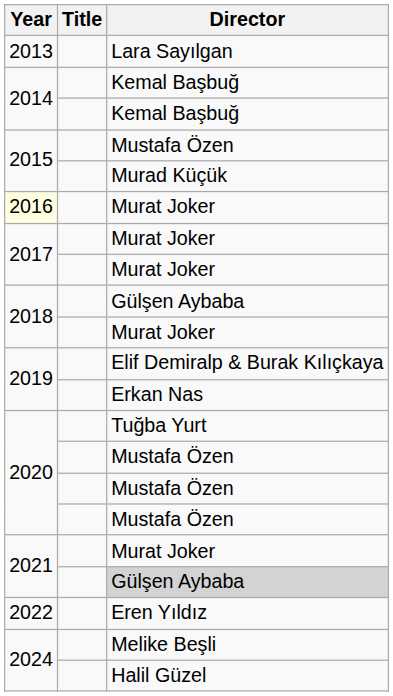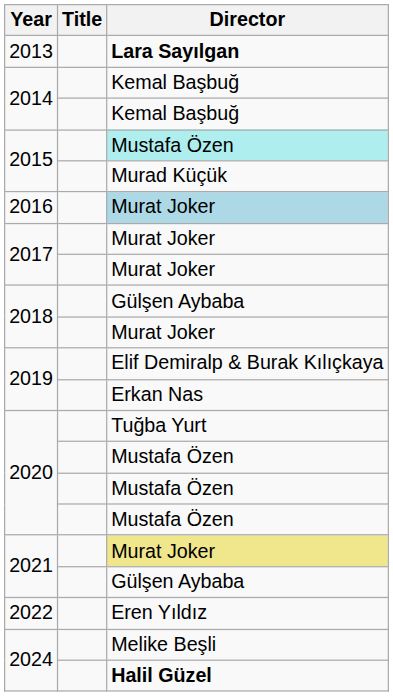 <table class="wikitable">
 <tr>
 <th>Year</th>
 <th>Title</th>
 <th>Director</th>
 </tr>
 <tr>
 <td>2013</td>
 <td></td>
-<td>Lara Sayılgan</td>
+<td><strong>Lara Sayılgan</strong></td>
 </tr>
 <tr>
 <td rowspan="2">2014</td>
 <td></td>
 <td>Kemal Başbuğ</td>
 </tr>
 <tr>
 <td></td>
 <td>Kemal Başbuğ</td>
 </tr>
 <tr>
 <td rowspan="2">2015</td>
 <td></td>
-<td>Mustafa Özen</td>
+<td style="background: paleturquoise;">Mustafa Özen</td>
 </tr>
 <tr>
 <td></td>
 <td>Murad Küçük</td>
 </tr>
 <tr>
-<td style="background: lightyellow;">2016</td>
+<td>2016</td>
 <td></td>
-<td>Murat Joker</td>
+<td style="background: lightblue;">Murat Joker</td>
 </tr>
 <tr>
 <td rowspan="2">2017</td>
 <td></td>
 <td>Murat Joker</td>
 </tr>
 <tr>
 <td></td>
 <td>Murat Joker</td>
 </tr>
 <tr>
 <td rowspan="2">2018</td>
 <td></td>
 <td>Gülşen Aybaba</td>
 </tr>
 <tr>
 <td></td>
 <td>Murat Joker</td>
 </tr>
 <tr>
 <td rowspan="2">2019</td>
 <td></td>
 <td>Elif Demiralp & Burak Kılıçkaya</td>
 </tr>
 <tr>
 <td></td>
 <td>Erkan Nas</td>
 </tr>
 <tr>
 <td rowspan="4">2020</td>
 <td></td>
 <td>Tuğba Yurt</td>
 </tr>
 <tr>
 <td></td>
 <td>Mustafa Özen</td>
 </tr>
 <tr>
 <td></td>
 <td>Mustafa Özen</td>
 </tr>
 <tr>
 <td></td>
 <td>Mustafa Özen</td>
 </tr>
 <tr>
 <td rowspan="2">2021</td>
 <td></td>
-<td>Murat Joker</td>
+<td style="background: khaki;">Murat Joker</td>
 </tr>
 <tr>
 <td></td>
-<td style="background: lightgrey;">Gülşen Aybaba</td>
+<td>Gülşen Aybaba</td>
 </tr>
 <tr>
 <td rowspan="1">2022</td>
 <td></td>
 <td>Eren Yıldız</td>
 </tr>
 <tr>
 <td rowspan="2">2024</td>
 <td></td>
 <td>Melike Beşli</td>
 </tr>
 <tr>
 <td></td>
-<td>Halil Güzel</td>
+<td><strong>Halil Güzel</strong></td>
 </tr>
 </table>
